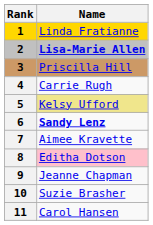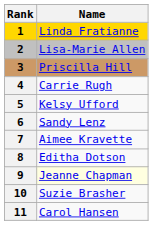 <table class="wikitable">
 <tr>
 <th>Rank</th>
 <th>Name</th>
 </tr>
 <tr bgcolor="gold">
 <td align="center"><strong>1</strong></td>
 <td><a href='#'>Linda Fratianne</a></td>
 </tr>
 <tr bgcolor="silver">
 <td align="center"><strong>2</strong></td>
-<td><strong><a href='#'>Lisa-Marie Allen</a></strong></td>
+<td><a href='#'>Lisa-Marie Allen</a></td>
 </tr>
 <tr bgcolor="cc9966">
 <td align="center"><strong>3</strong></td>
 <td><a href='#'>Priscilla Hill</a></td>
 </tr>
 <tr>
 <th>4</th>
 <td><a href='#'>Carrie Rugh</a></td>
 </tr>
 <tr>
 <th>5</th>
-<td style="background: khaki;"><a href='#'>Kelsy Ufford</a></td>
+<td><a href='#'>Kelsy Ufford</a></td>
 </tr>
 <tr>
 <th>6</th>
-<td><strong><a href='#'>Sandy Lenz</a></strong></td>
+<td><a href='#'>Sandy Lenz</a></td>
 </tr>
 <tr>
 <th>7</th>
 <td><a href='#'>Aimee Kravette</a></td>
 </tr>
 <tr>
 <th>8</th>
-<td style="background: pink;"><a href='#'>Editha Dotson</a></td>
+<td><a href='#'>Editha Dotson</a></td>
 </tr>
 <tr>
 <th>9</th>
-<td><a href='#'>Jeanne Chapman</a></td>
+<td style="background: lightyellow;"><a href='#'>Jeanne Chapman</a></td>
 </tr>
 <tr>
 <th>10</th>
 <td><a href='#'>Suzie Brasher</a></td>
 </tr>
 <tr>
 <th>11</th>
 <td><a href='#'>Carol Hansen</a></td>
 </tr>
 </table>
